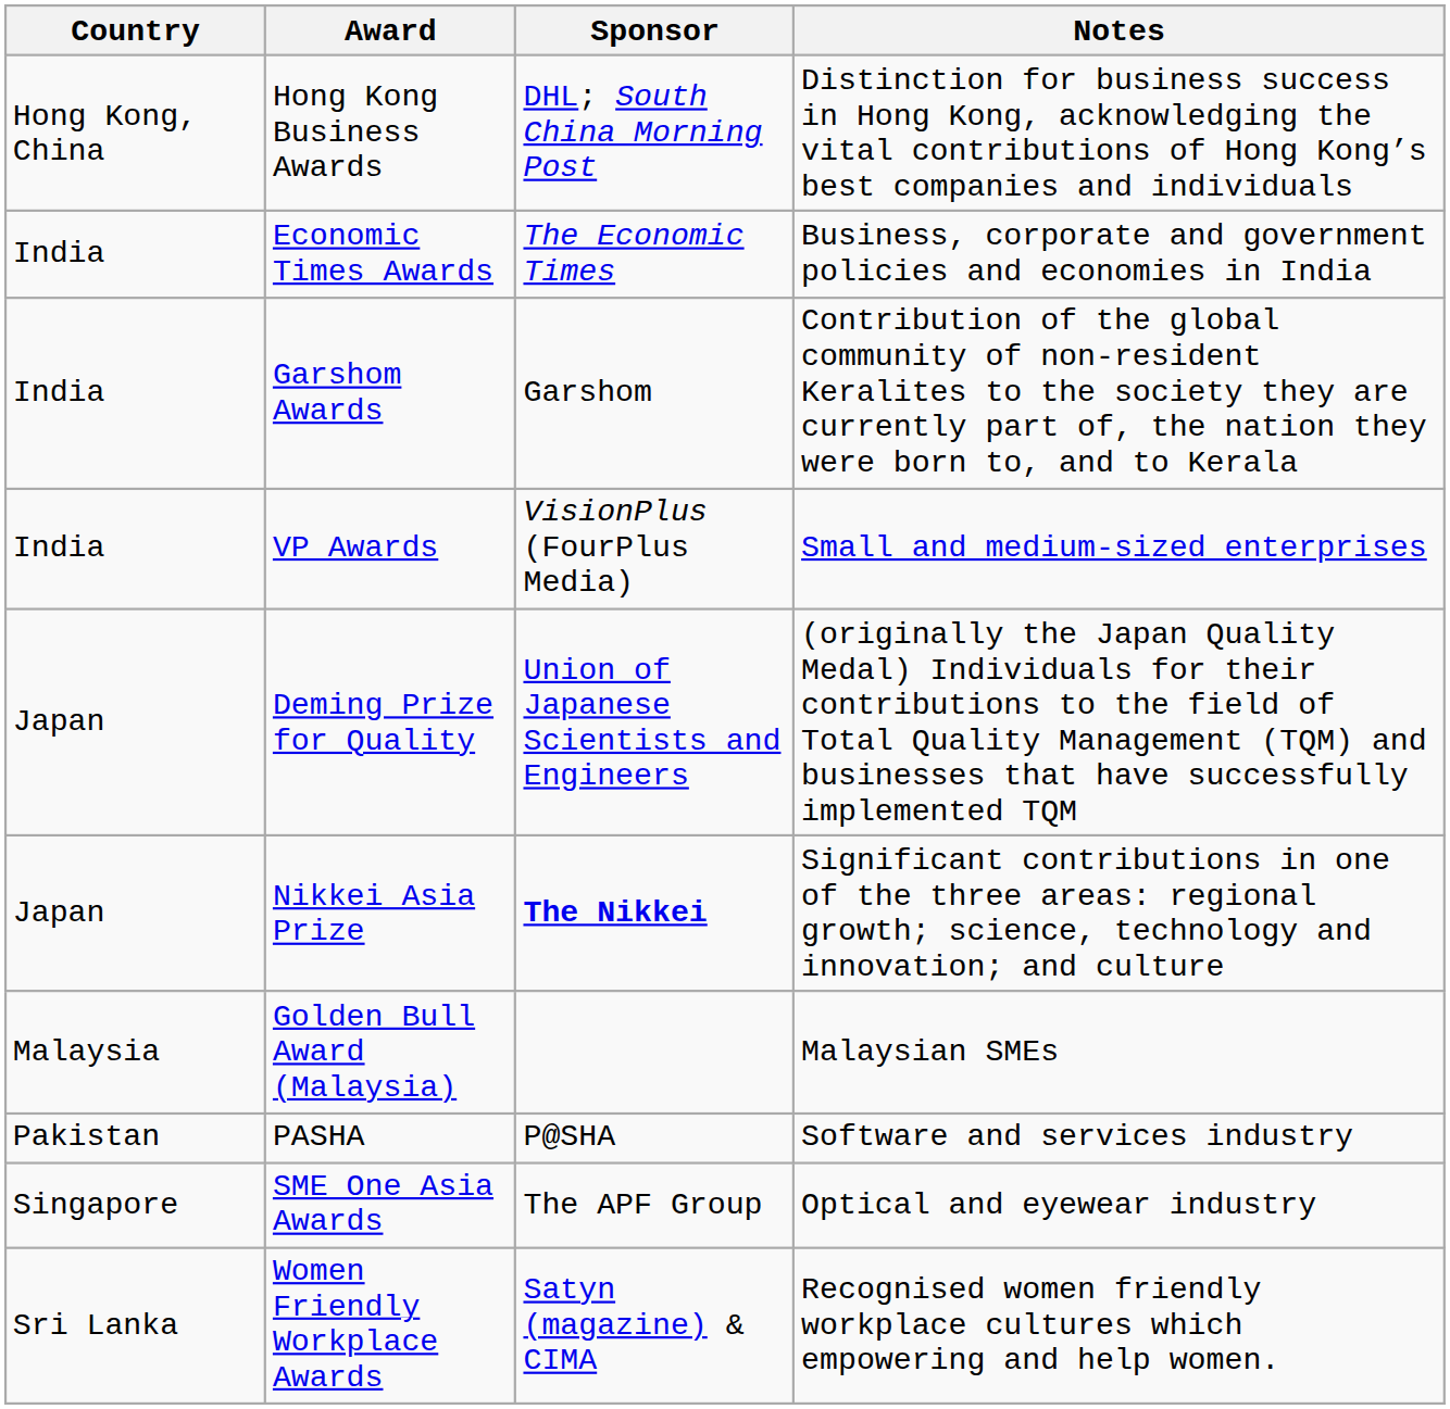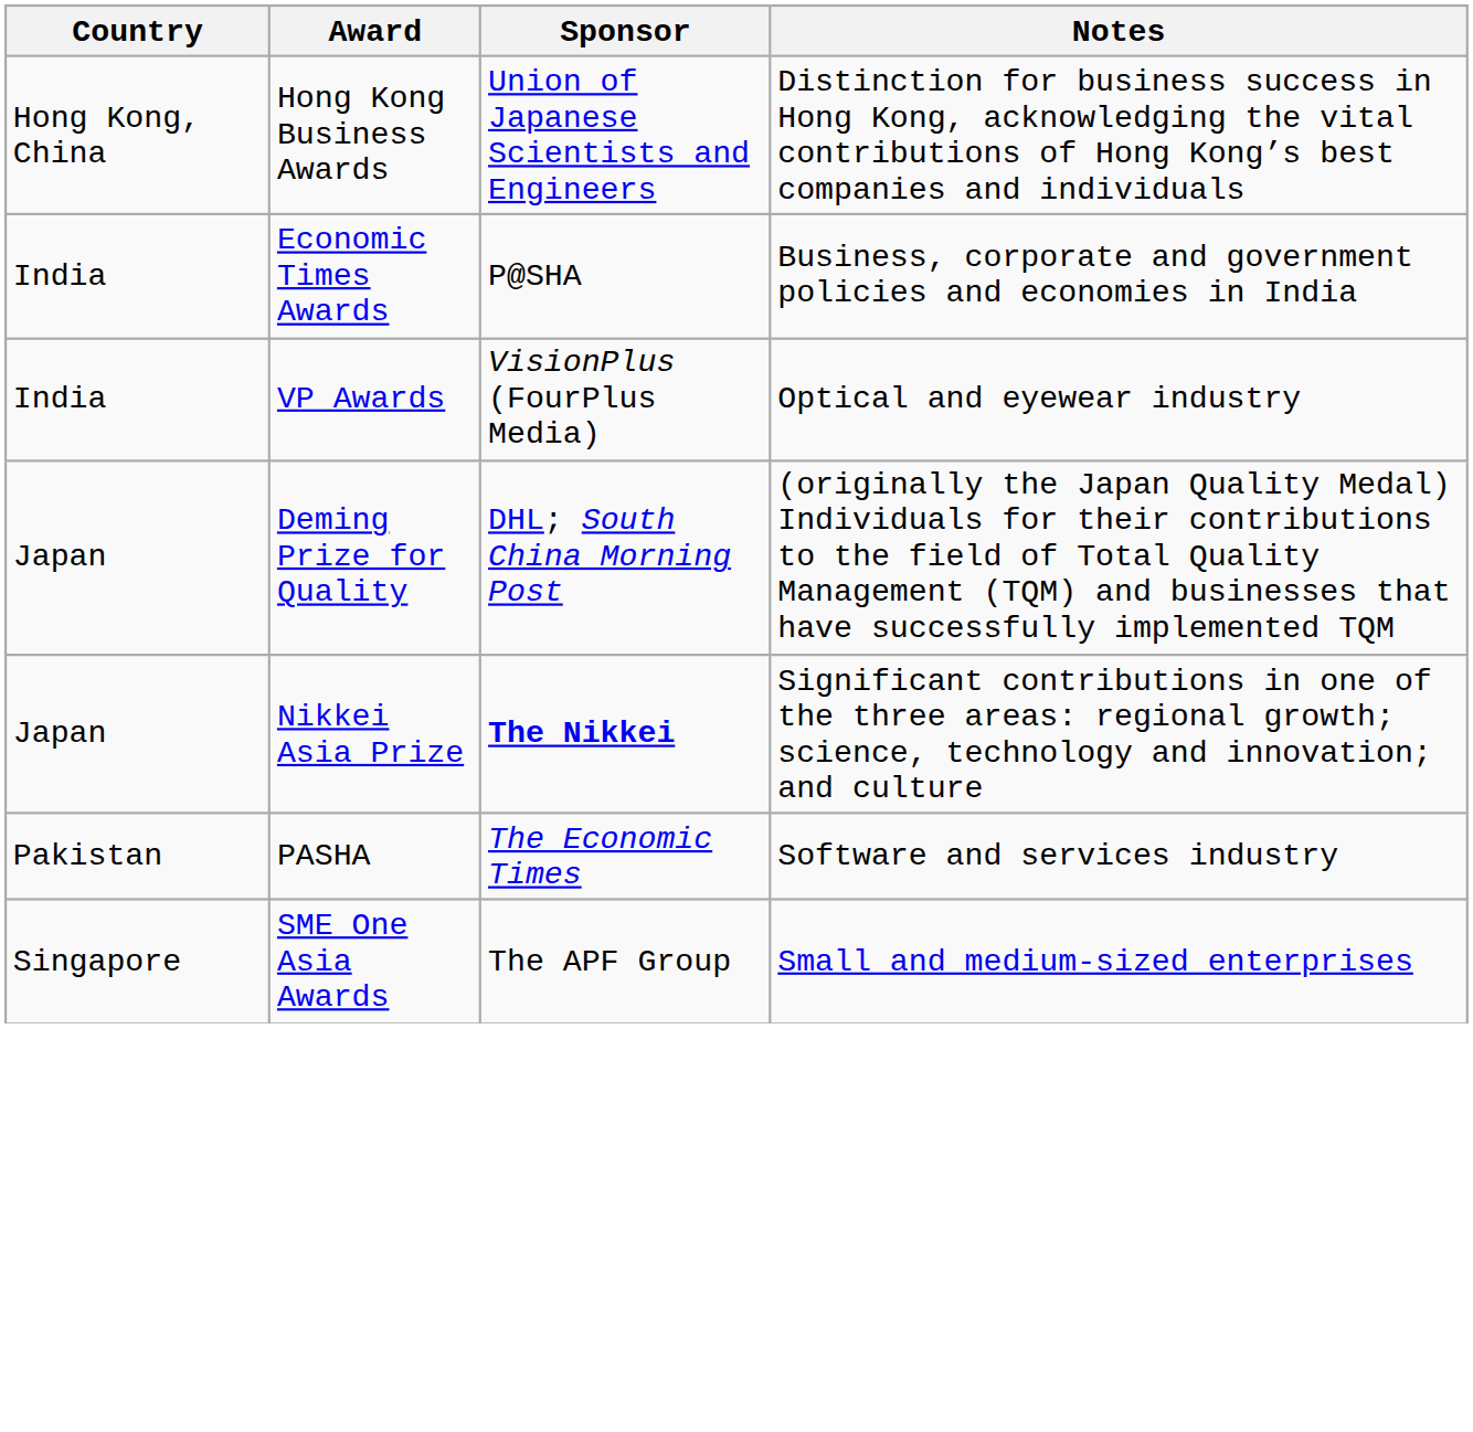 <table class="wikitable sortable">
 <tr>
 <th style="width:8em;">Country</th>
 <th>Award</th>
 <th>Sponsor</th>
 <th>Notes</th>
 </tr>
 <tr>
 <td>Hong Kong, China</td>
 <td>Hong Kong Business Awards</td>
-<td><a href='#'>DHL</a>; <em><a href='#'>South China Morning Post</a></em></td>
+<td><a href='#'>Union of Japanese Scientists and Engineers</a></td>
 <td>Distinction for business success in Hong Kong, acknowledging the vital contributions of Hong Kong’s best companies and individuals</td>
 </tr>
 <tr>
 <td>India</td>
 <td><a href='#'>Economic Times Awards</a></td>
-<td><em><a href='#'>The Economic Times</a></em></td>
+<td>P@SHA</td>
 <td>Business, corporate and government policies and economies in India</td>
-</tr>
-<tr>
-<td>India</td>
-<td><a href='#'>Garshom Awards</a></td>
-<td>Garshom</td>
-<td>Contribution of the global community of non-resident Keralites to the society they are currently part of, the nation they were born to, and to Kerala</td>
 </tr>
 <tr>
 <td>India</td>
 <td><a href='#'>VP Awards</a></td>
 <td><em>VisionPlus</em> (FourPlus Media)</td>
-<td><a href='#'>Small and medium-sized enterprises</a></td>
+<td>Optical and eyewear industry</td>
 </tr>
 <tr>
 <td>Japan</td>
 <td><a href='#'>Deming Prize for Quality</a></td>
-<td><a href='#'>Union of Japanese Scientists and Engineers</a></td>
+<td><a href='#'>DHL</a>; <em><a href='#'>South China Morning Post</a></em></td>
 <td>(originally the Japan Quality Medal) Individuals for their contributions to the field of Total Quality Management (TQM) and businesses that have successfully implemented TQM</td>
 </tr>
 <tr>
 <td>Japan</td>
 <td><a href='#'>Nikkei Asia Prize</a></td>
 <td><strong><a href='#'>The Nikkei</a></strong></td>
 <td>Significant contributions in one of the three areas: regional growth; science, technology and innovation; and culture</td>
 </tr>
 <tr>
-<td>Malaysia</td>
-<td><a href='#'>Golden Bull Award (Malaysia)</a></td>
-<td></td>
-<td>Malaysian SMEs</td>
-</tr>
-<tr>
 <td>Pakistan</td>
 <td>PASHA</td>
-<td>P@SHA</td>
+<td><em><a href='#'>The Economic Times</a></em></td>
 <td>Software and services industry</td>
 </tr>
 <tr>
 <td>Singapore</td>
 <td><a href='#'>SME One Asia Awards</a></td>
 <td>The APF Group</td>
-<td>Optical and eyewear industry</td>
-</tr>
-<tr>
-<td>Sri Lanka</td>
-<td><a href='#'>Women Friendly Workplace Awards</a></td>
-<td><a href='#'>Satyn (magazine)</a> & <a href='#'>CIMA</a></td>
-<td>Recognised women friendly workplace cultures which empowering and help women.</td>
+<td><a href='#'>Small and medium-sized enterprises</a></td>
 </tr>
 </table>
